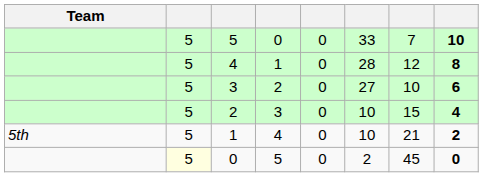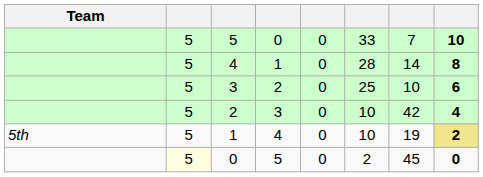 <table class="wikitable" style="text-align:center;">
 <tr>
 <th width=165>Team</th>
 <th width=40></th>
 <th width=40></th>
 <th width=40></th>
 <th width=40></th>
 <th width=40></th>
 <th width=40></th>
 <th width=40></th>
 </tr>
 <tr bgcolor="ccffcc">
 <td style="text-align:left;"></td>
 <td>5</td>
 <td>5</td>
 <td>0</td>
 <td>0</td>
 <td>33</td>
 <td>7</td>
 <td><strong>10</strong></td>
 </tr>
 <tr bgcolor="ccffcc">
 <td style="text-align:left;"></td>
 <td>5</td>
 <td>4</td>
 <td>1</td>
 <td>0</td>
 <td>28</td>
-<td>12</td>
+<td>14</td>
 <td><strong>8</strong></td>
 </tr>
 <tr bgcolor="ccffcc">
 <td style="text-align:left;"></td>
 <td>5</td>
 <td>3</td>
 <td>2</td>
 <td>0</td>
-<td>27</td>
+<td>25</td>
 <td>10</td>
 <td><strong>6</strong></td>
 </tr>
 <tr bgcolor="ccffcc">
 <td style="text-align:left;"></td>
 <td>5</td>
 <td>2</td>
 <td>3</td>
 <td>0</td>
 <td>10</td>
-<td>15</td>
+<td>42</td>
 <td><strong>4</strong></td>
 </tr>
 <tr>
 <td style="text-align:left;"> <em>5th</em></td>
 <td>5</td>
 <td>1</td>
 <td>4</td>
 <td>0</td>
 <td>10</td>
-<td>21</td>
-<td><strong>2</strong></td>
+<td>19</td>
+<td style="background: khaki;"><strong>2</strong></td>
 </tr>
 <tr>
 <td style="text-align:left;"></td>
 <td style="background: lightyellow;">5</td>
 <td>0</td>
 <td>5</td>
 <td>0</td>
 <td>2</td>
 <td>45</td>
 <td><strong>0</strong></td>
 </tr>
 </table>
